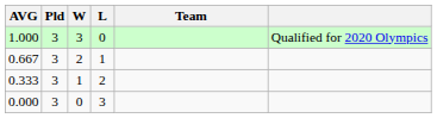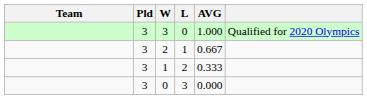 <table class="wikitable" style="text-align:center;">
 <tr>
-<th width=30 abbr="Average">AVG</th>
+<th width=175>Team</th>
 <th width=20 abbr="Played">Pld</th>
 <th width=20 abbr="Won">W</th>
 <th width=20 abbr="Lost">L</th>
-<th width=175>Team</th>
+<th width=30 abbr="Average">AVG</th>
 <th></th>
 </tr>
 <tr style="background:#ccffcc">
-<td>1.000</td>
+<td align=left></td>
 <td>3</td>
 <td>3</td>
 <td>0</td>
-<td align=left></td>
+<td>1.000</td>
 <td>Qualified for <a href='#'>2020 Olympics</a></td>
 </tr>
 <tr>
-<td>0.667</td>
+<td align=left></td>
 <td>3</td>
 <td>2</td>
 <td>1</td>
-<td align=left></td>
+<td>0.667</td>
 <td></td>
 </tr>
 <tr>
-<td>0.333</td>
+<td align=left></td>
 <td>3</td>
 <td>1</td>
 <td>2</td>
-<td align=left></td>
+<td>0.333</td>
 <td></td>
 </tr>
 <tr>
-<td>0.000</td>
+<td align=left></td>
 <td>3</td>
 <td>0</td>
 <td>3</td>
-<td align=left></td>
+<td>0.000</td>
 <td></td>
 </tr>
 </table>
